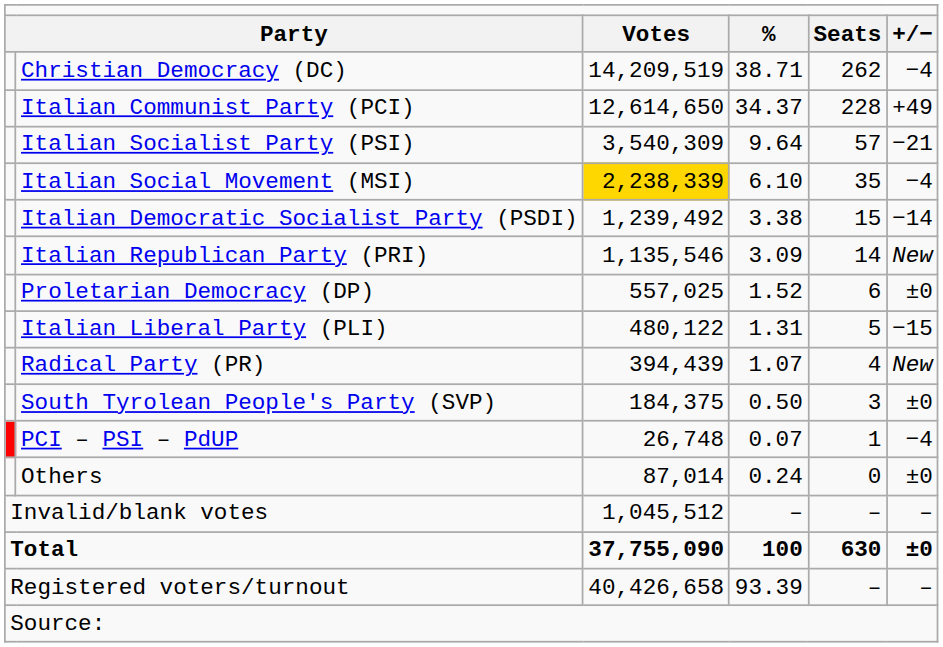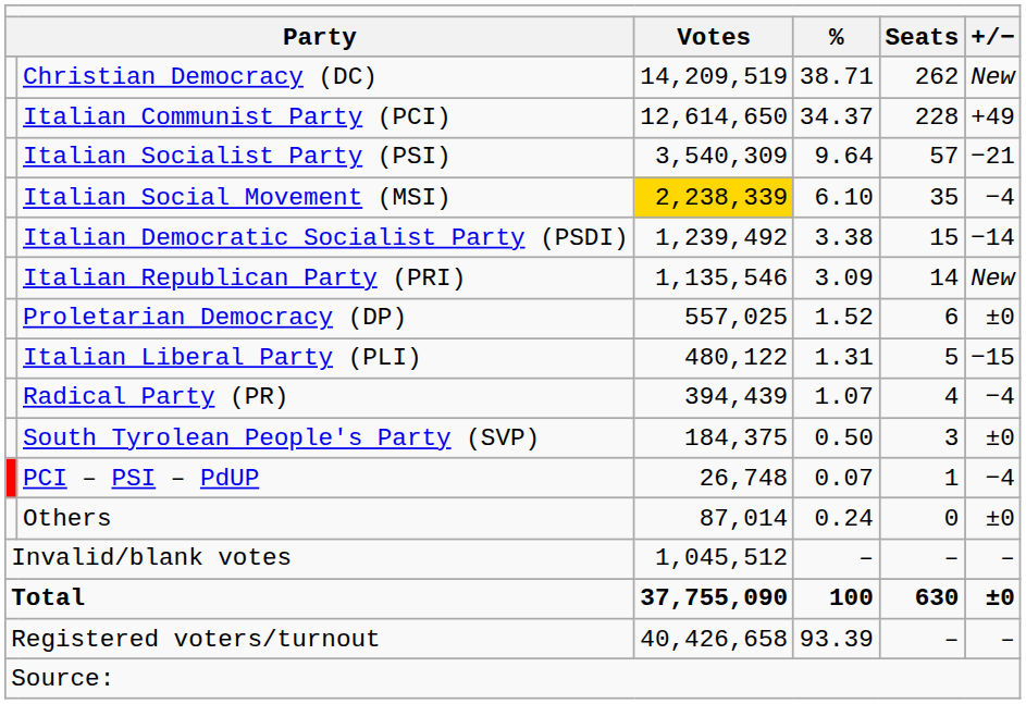 <table class="wikitable" style="text-align:right">
 <tr>
 <td colspan="6"></td>
 </tr>
 <tr>
 <th colspan=2>Party</th>
 <th>Votes</th>
 <th>%</th>
 <th>Seats</th>
 <th>+/−</th>
 </tr>
 <tr>
 <td style="background-color:"></td>
 <td align=left><a href='#'>Christian Democracy</a> (DC)</td>
 <td>14,209,519</td>
 <td>38.71</td>
 <td>262</td>
-<td><span>−4</span></td>
+<td><em>New</em></td>
 </tr>
 <tr>
 <td style="background-color:"></td>
 <td align=left><a href='#'>Italian Communist Party</a> (PCI)</td>
 <td>12,614,650</td>
 <td>34.37</td>
 <td>228</td>
 <td><span>+49</span></td>
 </tr>
 <tr>
 <td style="background-color:"></td>
 <td align=left><a href='#'>Italian Socialist Party</a> (PSI)</td>
 <td>3,540,309</td>
 <td>9.64</td>
 <td>57</td>
 <td><span>−21</span></td>
 </tr>
 <tr>
 <td style="background-color:"></td>
 <td align=left><a href='#'>Italian Social Movement</a> (MSI)</td>
 <td style="background: gold;">2,238,339</td>
 <td>6.10</td>
 <td>35</td>
 <td><span>−4</span></td>
 </tr>
 <tr>
 <td style="background-color:"></td>
 <td align=left><a href='#'>Italian Democratic Socialist Party</a> (PSDI)</td>
 <td>1,239,492</td>
 <td>3.38</td>
 <td>15</td>
 <td><span>−14</span></td>
 </tr>
 <tr>
 <td style="background-color:"></td>
 <td align=left><a href='#'>Italian Republican Party</a> (PRI)</td>
 <td>1,135,546</td>
 <td>3.09</td>
 <td>14</td>
 <td><em>New</em></td>
 </tr>
 <tr>
 <td style="background-color:"></td>
 <td align=left><a href='#'>Proletarian Democracy</a> (DP)</td>
 <td>557,025</td>
 <td>1.52</td>
 <td>6</td>
 <td>±0</td>
 </tr>
 <tr>
 <td style="background-color:"></td>
 <td align=left><a href='#'>Italian Liberal Party</a> (PLI)</td>
 <td>480,122</td>
 <td>1.31</td>
 <td>5</td>
 <td><span>−15</span></td>
 </tr>
 <tr>
 <td style="background-color:"></td>
 <td align=left><a href='#'>Radical Party</a> (PR)</td>
 <td>394,439</td>
 <td>1.07</td>
 <td>4</td>
-<td><em>New</em></td>
+<td><span>−4</span></td>
 </tr>
 <tr>
 <td style="background-color:"></td>
 <td align=left><a href='#'>South Tyrolean People's Party</a> (SVP)</td>
 <td>184,375</td>
 <td>0.50</td>
 <td>3</td>
 <td>±0</td>
 </tr>
 <tr>
 <td style="background-color:red"></td>
 <td align=left><a href='#'>PCI</a> – <a href='#'>PSI</a> – <a href='#'>PdUP</a></td>
 <td>26,748</td>
 <td>0.07</td>
 <td>1</td>
 <td><span>−4</span></td>
 </tr>
 <tr>
 <td style="background-color:"></td>
 <td align=left>Others</td>
 <td>87,014</td>
 <td>0.24</td>
 <td>0</td>
 <td>±0</td>
 </tr>
 <tr>
 <td align=left colspan=2>Invalid/blank votes</td>
 <td>1,045,512</td>
 <td>–</td>
 <td>–</td>
 <td>–</td>
 </tr>
 <tr>
 <td align=left colspan=2><strong>Total</strong></td>
 <td><strong>37,755,090</strong></td>
 <td><strong>100</strong></td>
 <td><strong>630</strong></td>
 <td><strong>±0</strong></td>
 </tr>
 <tr>
 <td align=left colspan=2>Registered voters/turnout</td>
 <td>40,426,658</td>
 <td>93.39</td>
 <td>–</td>
 <td>–</td>
 </tr>
 <tr>
 <td align=left colspan=6>Source: </td>
 </tr>
 </table>
